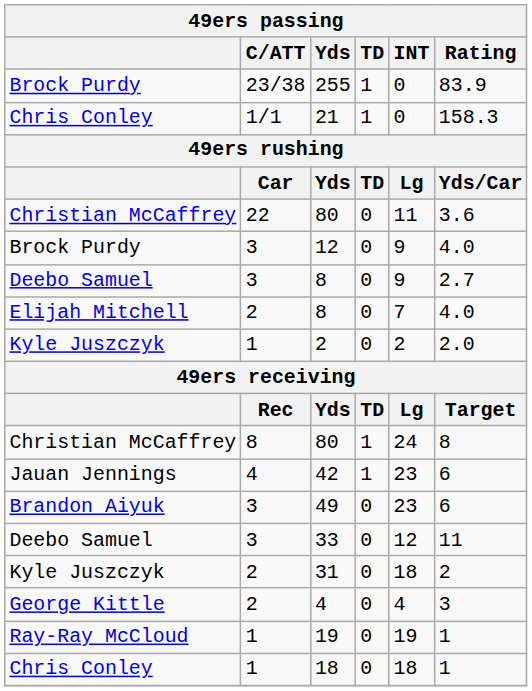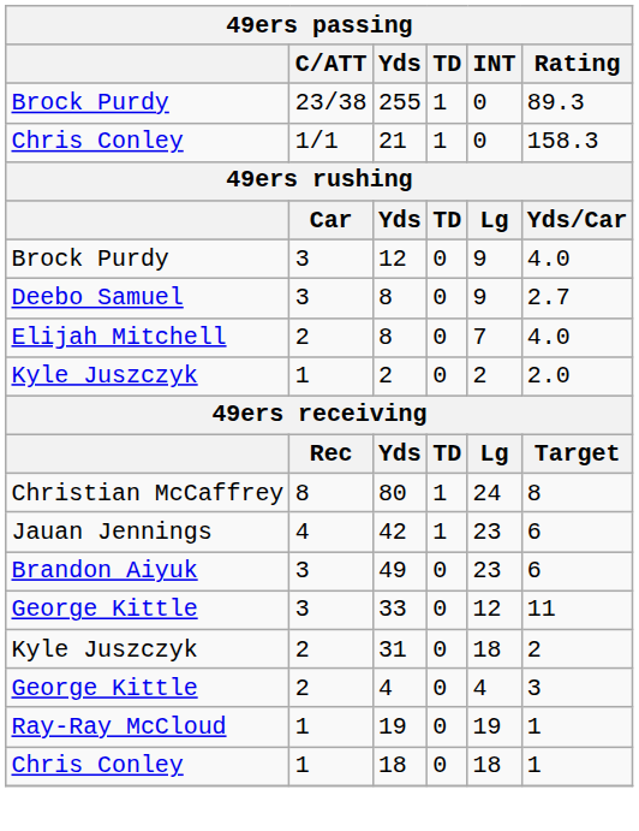 <table class="wikitable plainrowheaders">
 <tr>
 <th colspan="6">49ers passing</th>
 </tr>
 <tr>
 <th scope="col"></th>
 <th scope="col">C/ATT</th>
 <th scope="col">Yds</th>
 <th scope="col">TD</th>
 <th scope="col">INT</th>
 <th scope="col">Rating</th>
 </tr>
 <tr>
 <td><a href='#'>Brock Purdy</a></td>
 <td>23/38</td>
 <td>255</td>
 <td>1</td>
 <td>0</td>
-<td>83.9</td>
+<td>89.3</td>
 </tr>
 <tr>
 <td><a href='#'>Chris Conley</a></td>
 <td>1/1</td>
 <td>21</td>
 <td>1</td>
 <td>0</td>
 <td>158.3</td>
 </tr>
 <tr>
 <th colspan="6">49ers rushing</th>
 </tr>
 <tr>
 <th scope="col"></th>
 <th scope="col">Car</th>
 <th scope="col">Yds</th>
 <th scope="col">TD</th>
 <th scope="col">Lg</th>
 <th scope="col">Yds/Car</th>
-</tr>
-<tr>
-<td><a href='#'>Christian McCaffrey</a></td>
-<td>22</td>
-<td>80</td>
-<td>0</td>
-<td>11</td>
-<td>3.6</td>
 </tr>
 <tr>
 <td>Brock Purdy</td>
 <td>3</td>
 <td>12</td>
 <td>0</td>
 <td>9</td>
 <td>4.0</td>
 </tr>
 <tr>
 <td><a href='#'>Deebo Samuel</a></td>
 <td>3</td>
 <td>8</td>
 <td>0</td>
 <td>9</td>
 <td>2.7</td>
 </tr>
 <tr>
 <td><a href='#'>Elijah Mitchell</a></td>
 <td>2</td>
 <td>8</td>
 <td>0</td>
 <td>7</td>
 <td>4.0</td>
 </tr>
 <tr>
 <td><a href='#'>Kyle Juszczyk</a></td>
 <td>1</td>
 <td>2</td>
 <td>0</td>
 <td>2</td>
 <td>2.0</td>
 </tr>
 <tr>
 <th colspan="6">49ers receiving</th>
 </tr>
 <tr>
 <th scope="col"></th>
 <th scope="col">Rec</th>
 <th scope="col">Yds</th>
 <th scope="col">TD</th>
 <th scope="col">Lg</th>
 <th scope="col">Target</th>
 </tr>
 <tr>
 <td>Christian McCaffrey</td>
 <td>8</td>
 <td>80</td>
 <td>1</td>
 <td>24</td>
 <td>8</td>
 </tr>
 <tr>
 <td>Jauan Jennings</td>
 <td>4</td>
 <td>42</td>
 <td>1</td>
 <td>23</td>
 <td>6</td>
 </tr>
 <tr>
 <td><a href='#'>Brandon Aiyuk</a></td>
 <td>3</td>
 <td>49</td>
 <td>0</td>
 <td>23</td>
 <td>6</td>
 </tr>
 <tr>
-<td>Deebo Samuel</td>
+<td><a href='#'>George Kittle</a></td>
 <td>3</td>
 <td>33</td>
 <td>0</td>
 <td>12</td>
 <td>11</td>
 </tr>
 <tr>
 <td>Kyle Juszczyk</td>
 <td>2</td>
 <td>31</td>
 <td>0</td>
 <td>18</td>
 <td>2</td>
 </tr>
 <tr>
 <td><a href='#'>George Kittle</a></td>
 <td>2</td>
 <td>4</td>
 <td>0</td>
 <td>4</td>
 <td>3</td>
 </tr>
 <tr>
 <td><a href='#'>Ray-Ray McCloud</a></td>
 <td>1</td>
 <td>19</td>
 <td>0</td>
 <td>19</td>
 <td>1</td>
 </tr>
 <tr>
 <td><a href='#'>Chris Conley</a></td>
 <td>1</td>
 <td>18</td>
 <td>0</td>
 <td>18</td>
 <td>1</td>
 </tr>
 <tr>
 </tr>
 </table>
